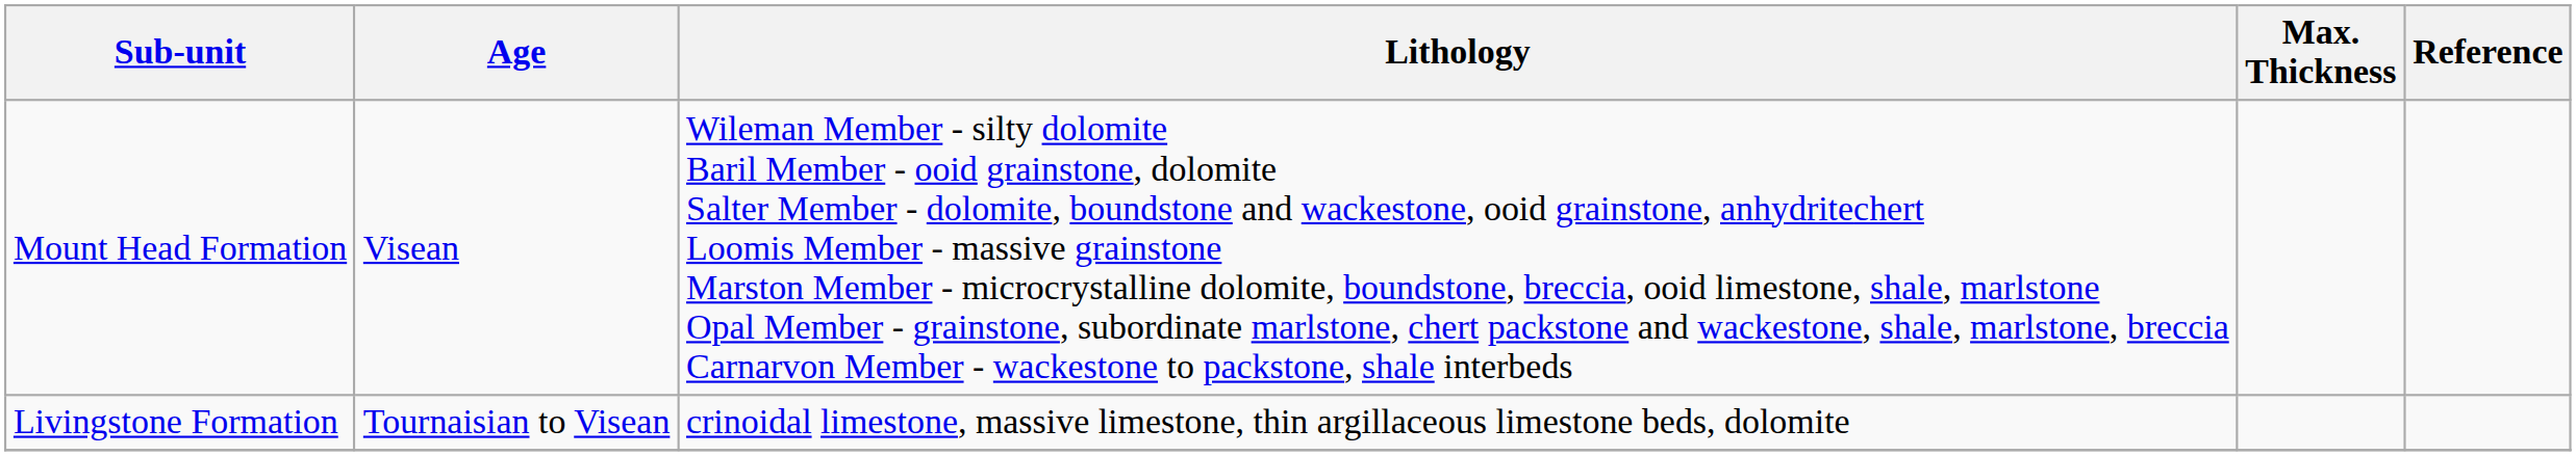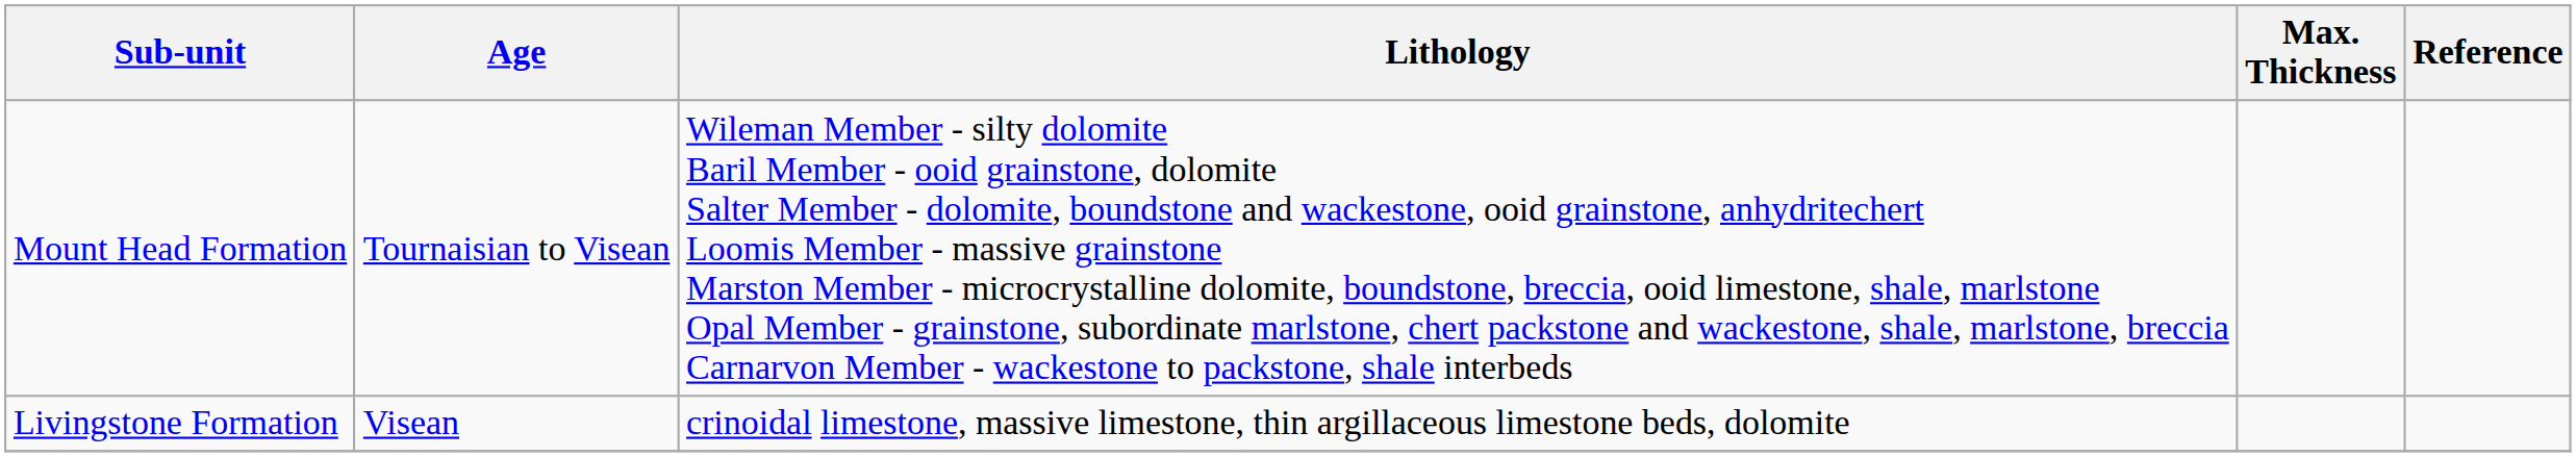 <table class="wikitable">
 <tr>
 <th><a href='#'>Sub-unit</a></th>
 <th><a href='#'>Age</a></th>
 <th>Lithology</th>
 <th>Max.<br>Thickness</th>
 <th>Reference</th>
 </tr>
 <tr>
 <td><a href='#'>Mount Head Formation</a></td>
-<td><a href='#'>Visean</a></td>
+<td><a href='#'>Tournaisian</a> to <a href='#'>Visean</a></td>
 <td><a href='#'>Wileman Member</a> - silty <a href='#'>dolomite</a><br><a href='#'>Baril Member</a> - <a href='#'>ooid</a> <a href='#'>grainstone</a>, dolomite<br><a href='#'>Salter Member</a> - <a href='#'>dolomite</a>, <a href='#'>boundstone</a> and <a href='#'>wackestone</a>, ooid <a href='#'>grainstone</a>, <a href='#'>anhydrite</a><a href='#'>chert</a><br><a href='#'>Loomis Member</a> - massive <a href='#'>grainstone</a><br><a href='#'>Marston Member</a> - microcrystalline dolomite, <a href='#'>boundstone</a>, <a href='#'>breccia</a>, ooid limestone, <a href='#'>shale</a>, <a href='#'>marlstone</a><br><a href='#'>Opal Member</a> - <a href='#'>grainstone</a>, subordinate <a href='#'>marlstone</a>, <a href='#'>chert</a> <a href='#'>packstone</a> and <a href='#'>wackestone</a>, <a href='#'>shale</a>, <a href='#'>marlstone</a>, <a href='#'>breccia</a><br><a href='#'>Carnarvon Member</a> -  <a href='#'>wackestone</a> to <a href='#'>packstone</a>, <a href='#'>shale</a> interbeds</td>
 <td><br><br><br><br><br><br></td>
 <td></td>
 </tr>
 <tr>
 <td><a href='#'>Livingstone Formation</a></td>
-<td><a href='#'>Tournaisian</a> to <a href='#'>Visean</a></td>
+<td><a href='#'>Visean</a></td>
 <td><a href='#'>crinoidal</a> <a href='#'>limestone</a>, massive limestone, thin argillaceous  limestone beds, dolomite</td>
 <td></td>
 <td></td>
 </tr>
 <tr>
 </tr>
 </table>
